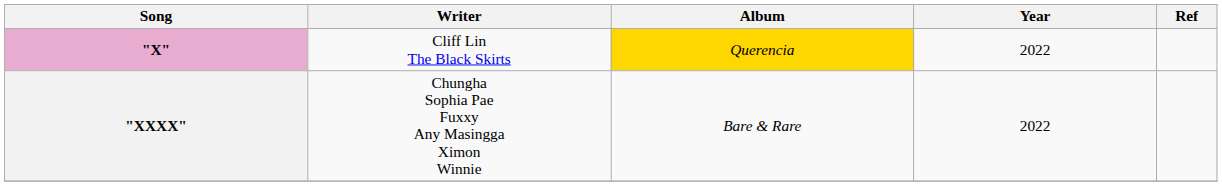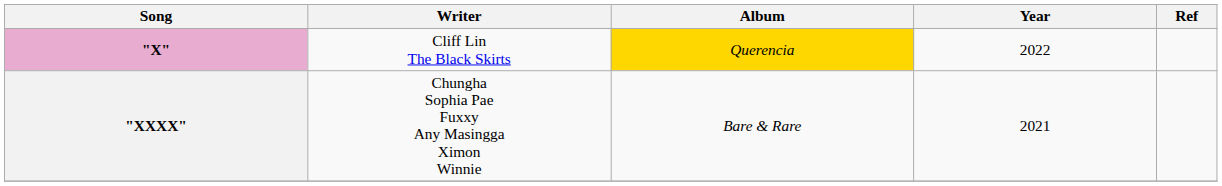 <table class="wikitable" style="text-align:center; width:100%">
 <tr>
 <th style="width:25%">Song</th>
 <th style="width:25%">Writer</th>
 <th style="width:25%">Album</th>
 <th style="width:20%">Year</th>
 <th style="width:5%">Ref</th>
 </tr>
 <tr>
 <th scope="row" style="background-color:#E7ACCF">"X"  </th>
 <td>Cliff Lin<br><a href='#'>The Black Skirts</a></td>
 <td style="background: gold;"><em>Querencia</em></td>
 <td>2022</td>
 <td></td>
 </tr>
 <tr>
 <th scope="row">"XXXX"</th>
 <td>Chungha<br>Sophia Pae<br>Fuxxy<br>Any Masingga<br>Ximon<br>Winnie</td>
 <td><em>Bare & Rare</em></td>
-<td>2022</td>
+<td>2021</td>
 <td></td>
 </tr>
 <tr>
 </tr>
 </table>
